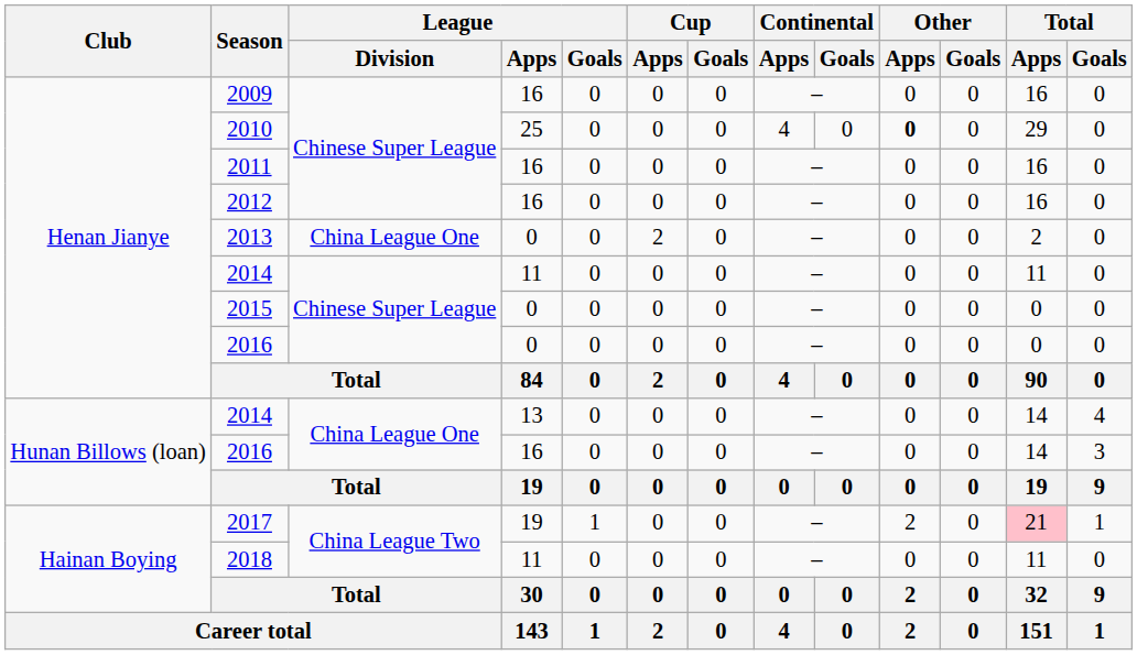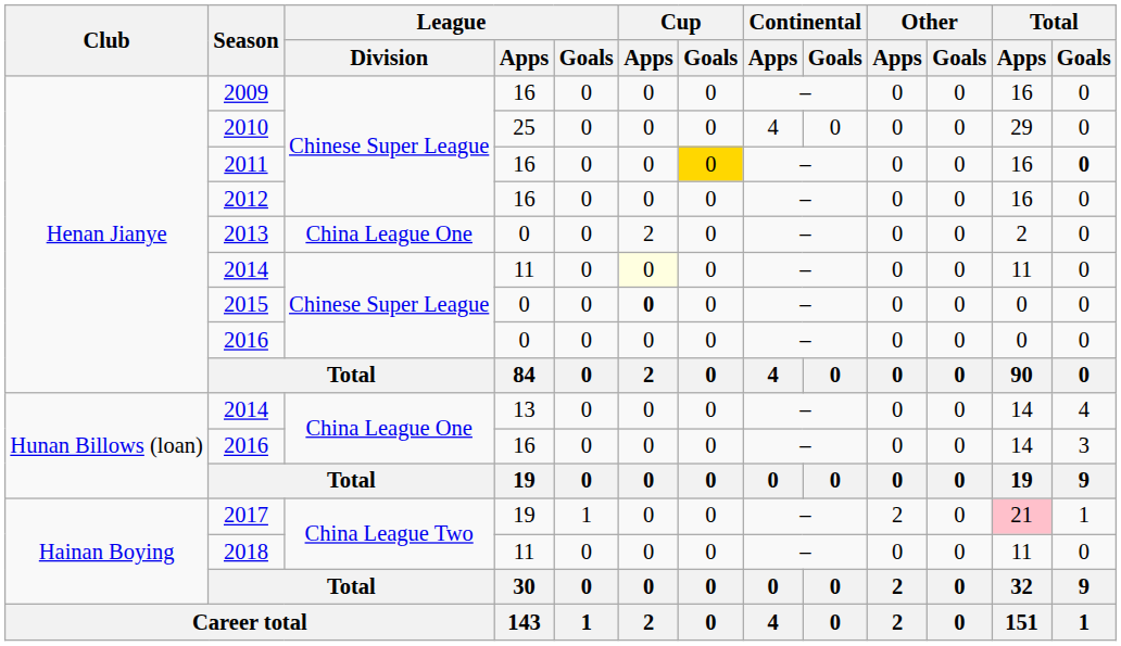 <table class="wikitable" style="text-align: center">
 <tr>
 <th rowspan="2">Club</th>
 <th rowspan="2">Season</th>
 <th colspan="3">League</th>
 <th colspan="2">Cup</th>
 <th colspan="2">Continental</th>
 <th colspan="2">Other</th>
 <th colspan="2">Total</th>
 </tr>
 <tr>
 <th>Division</th>
 <th>Apps</th>
 <th>Goals</th>
 <th>Apps</th>
 <th>Goals</th>
 <th>Apps</th>
 <th>Goals</th>
 <th>Apps</th>
 <th>Goals</th>
 <th>Apps</th>
 <th>Goals</th>
 </tr>
 <tr>
 <td rowspan="9"><a href='#'>Henan Jianye</a></td>
 <td><a href='#'>2009</a></td>
 <td rowspan="4"><a href='#'>Chinese Super League</a></td>
 <td>16</td>
 <td>0</td>
 <td>0</td>
 <td>0</td>
 <td colspan="2">–</td>
 <td>0</td>
 <td>0</td>
 <td>16</td>
 <td>0</td>
 </tr>
 <tr>
 <td><a href='#'>2010</a></td>
 <td>25</td>
 <td>0</td>
 <td>0</td>
 <td>0</td>
 <td>4</td>
 <td>0</td>
-<td><strong>0</strong></td>
+<td>0</td>
 <td>0</td>
 <td>29</td>
 <td>0</td>
 </tr>
 <tr>
 <td><a href='#'>2011</a></td>
 <td>16</td>
 <td>0</td>
 <td>0</td>
-<td>0</td>
+<td style="background: gold;">0</td>
 <td colspan="2">–</td>
 <td>0</td>
 <td>0</td>
 <td>16</td>
-<td>0</td>
+<td><strong>0</strong></td>
 </tr>
 <tr>
 <td><a href='#'>2012</a></td>
 <td>16</td>
 <td>0</td>
 <td>0</td>
 <td>0</td>
 <td colspan="2">–</td>
 <td>0</td>
 <td>0</td>
 <td>16</td>
 <td>0</td>
 </tr>
 <tr>
 <td><a href='#'>2013</a></td>
 <td><a href='#'>China League One</a></td>
 <td>0</td>
 <td>0</td>
 <td>2</td>
 <td>0</td>
 <td colspan="2">–</td>
 <td>0</td>
 <td>0</td>
 <td>2</td>
 <td>0</td>
 </tr>
 <tr>
 <td><a href='#'>2014</a></td>
 <td rowspan="3"><a href='#'>Chinese Super League</a></td>
 <td>11</td>
 <td>0</td>
-<td>0</td>
+<td style="background: lightyellow;">0</td>
 <td>0</td>
 <td colspan="2">–</td>
 <td>0</td>
 <td>0</td>
 <td>11</td>
 <td>0</td>
 </tr>
 <tr>
 <td><a href='#'>2015</a></td>
 <td>0</td>
 <td>0</td>
-<td>0</td>
+<td><strong>0</strong></td>
 <td>0</td>
 <td colspan="2">–</td>
 <td>0</td>
 <td>0</td>
 <td>0</td>
 <td>0</td>
 </tr>
 <tr>
 <td><a href='#'>2016</a></td>
 <td>0</td>
 <td>0</td>
 <td>0</td>
 <td>0</td>
 <td colspan="2">–</td>
 <td>0</td>
 <td>0</td>
 <td>0</td>
 <td>0</td>
 </tr>
 <tr>
 <th colspan=2>Total</th>
 <th>84</th>
 <th>0</th>
 <th>2</th>
 <th>0</th>
 <th>4</th>
 <th>0</th>
 <th>0</th>
 <th>0</th>
 <th>90</th>
 <th>0</th>
 </tr>
 <tr>
 <td rowspan="3"><a href='#'>Hunan Billows</a> (loan)</td>
 <td><a href='#'>2014</a></td>
 <td rowspan="2"><a href='#'>China League One</a></td>
 <td>13</td>
 <td>0</td>
 <td>0</td>
 <td>0</td>
 <td colspan="2">–</td>
 <td>0</td>
 <td>0</td>
 <td>14</td>
 <td>4</td>
 </tr>
 <tr>
 <td><a href='#'>2016</a></td>
 <td>16</td>
 <td>0</td>
 <td>0</td>
 <td>0</td>
 <td colspan="2">–</td>
 <td>0</td>
 <td>0</td>
 <td>14</td>
 <td>3</td>
 </tr>
 <tr>
 <th colspan=2>Total</th>
 <th>19</th>
 <th>0</th>
 <th>0</th>
 <th>0</th>
 <th>0</th>
 <th>0</th>
 <th>0</th>
 <th>0</th>
 <th>19</th>
 <th>9</th>
 </tr>
 <tr>
 <td rowspan="3"><a href='#'>Hainan Boying</a></td>
 <td><a href='#'>2017</a></td>
 <td rowspan="2"><a href='#'>China League Two</a></td>
 <td>19</td>
 <td>1</td>
 <td>0</td>
 <td>0</td>
 <td colspan="2">–</td>
 <td>2</td>
 <td>0</td>
 <td style="background: pink;">21</td>
 <td>1</td>
 </tr>
 <tr>
 <td><a href='#'>2018</a></td>
 <td>11</td>
 <td>0</td>
 <td>0</td>
 <td>0</td>
 <td colspan="2">–</td>
 <td>0</td>
 <td>0</td>
 <td>11</td>
 <td>0</td>
 </tr>
 <tr>
 <th colspan=2>Total</th>
 <th>30</th>
 <th>0</th>
 <th>0</th>
 <th>0</th>
 <th>0</th>
 <th>0</th>
 <th>2</th>
 <th>0</th>
 <th>32</th>
 <th>9</th>
 </tr>
 <tr>
 <th colspan=3>Career total</th>
 <th>143</th>
 <th>1</th>
 <th>2</th>
 <th>0</th>
 <th>4</th>
 <th>0</th>
 <th>2</th>
 <th>0</th>
 <th>151</th>
 <th>1</th>
 </tr>
 </table>
